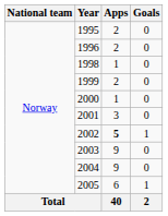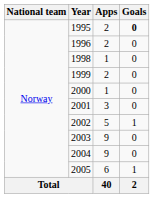 <table class=wikitable style=text-align:center>
 <tr>
 <th>National team</th>
 <th>Year</th>
 <th>Apps</th>
 <th>Goals</th>
 </tr>
 <tr>
 <td rowspan=10><a href='#'>Norway</a></td>
 <td>1995</td>
 <td>2</td>
-<td>0</td>
+<td><strong>0</strong></td>
 </tr>
 <tr>
 <td>1996</td>
 <td>2</td>
 <td>0</td>
 </tr>
 <tr>
 <td>1998</td>
 <td>1</td>
 <td>0</td>
 </tr>
 <tr>
 <td>1999</td>
 <td>2</td>
 <td>0</td>
 </tr>
 <tr>
 <td>2000</td>
 <td>1</td>
 <td>0</td>
 </tr>
 <tr>
 <td>2001</td>
 <td>3</td>
 <td>0</td>
 </tr>
 <tr>
 <td>2002</td>
-<td><strong>5</strong></td>
+<td>5</td>
 <td>1</td>
 </tr>
 <tr>
 <td>2003</td>
 <td>9</td>
 <td>0</td>
 </tr>
 <tr>
 <td>2004</td>
 <td>9</td>
 <td>0</td>
 </tr>
 <tr>
 <td>2005</td>
 <td>6</td>
 <td>1</td>
 </tr>
 <tr>
 <th colspan=2>Total</th>
 <th>40</th>
 <th>2</th>
 </tr>
 </table>
